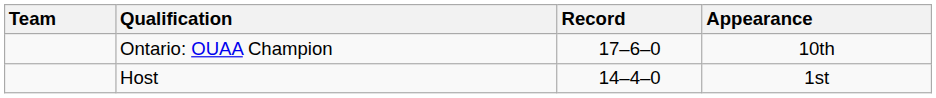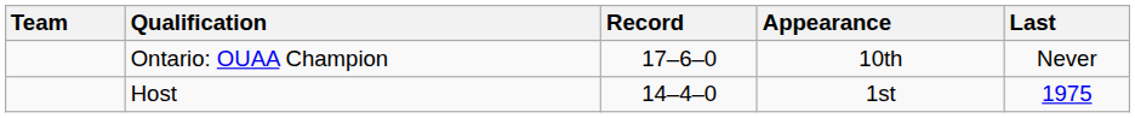 <table class="wikitable sortable" style="text-align: center;" width=800>
 <tr style="background:#efefef; text-align:center">
 <th style="text-align:left">Team</th>
 <th style="text-align:left">Qualification</th>
 <th style="text-align:left">Record</th>
 <th style="text-align:left">Appearance</th>
+<th style="text-align:left">Last</th>
 </tr>
 <tr style="text-align:center">
 <td style="text-align:left; "><a href='#'></a></td>
 <td style="text-align:left">Ontario: <a href='#'>OUAA</a> Champion</td>
 <td style="text-align:center">17–6–0</td>
 <td style="text-align:center">10th</td>
+<td style="text-align:center">Never</td>
 </tr>
 <tr style="text-align:center">
 <td style="text-align:left; "><a href='#'></a></td>
 <td style="text-align:left">Host</td>
 <td style="text-align:center">14–4–0</td>
 <td style="text-align:center">1st</td>
+<td style="text-align:center"><a href='#'>1975</a></td>
 </tr>
 </table>
